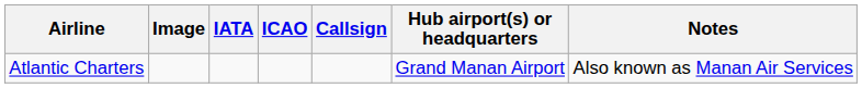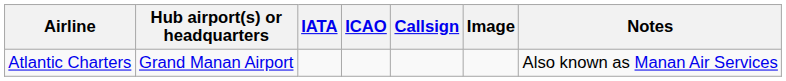 <table class="wikitable sortable" style="border: 0; cellpadding: 2; cellspacing: 3;">
 <tr style="vertical-align:middle;">
 <th>Airline</th>
-<th>Image</th>
+<th>Hub airport(s) or<br>headquarters</th>
 <th><a href='#'>IATA</a></th>
 <th><a href='#'>ICAO</a></th>
 <th><a href='#'>Callsign</a></th>
-<th>Hub airport(s) or<br>headquarters</th>
+<th>Image</th>
 <th class="unsortable">Notes</th>
 </tr>
 <tr>
 <td><a href='#'>Atlantic Charters</a></td>
+<td><a href='#'>Grand Manan Airport</a></td>
 <td></td>
 <td></td>
 <td></td>
 <td></td>
-<td><a href='#'>Grand Manan Airport</a></td>
 <td>Also known as <a href='#'>Manan Air Services</a></td>
 </tr>
 </table>
